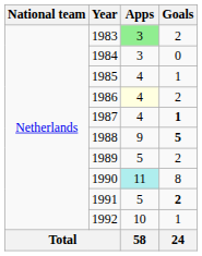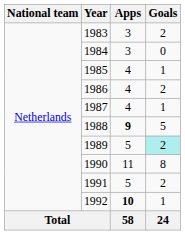 <table class="wikitable" style="text-align:center">
 <tr>
 <th>National team</th>
 <th>Year</th>
 <th width="40">Apps</th>
 <th width="40">Goals</th>
 </tr>
 <tr>
 <td rowspan="10"><a href='#'>Netherlands</a></td>
 <td>1983</td>
-<td style="background: lightgreen;">3</td>
+<td>3</td>
 <td>2</td>
 </tr>
 <tr>
 <td>1984</td>
 <td>3</td>
 <td>0</td>
 </tr>
 <tr>
 <td>1985</td>
 <td>4</td>
 <td>1</td>
 </tr>
 <tr>
 <td>1986</td>
-<td style="background: lightyellow;">4</td>
+<td>4</td>
 <td>2</td>
 </tr>
 <tr>
 <td>1987</td>
 <td>4</td>
-<td><strong>1</strong></td>
+<td>1</td>
 </tr>
 <tr>
 <td>1988</td>
-<td>9</td>
-<td><strong>5</strong></td>
+<td><strong>9</strong></td>
+<td>5</td>
 </tr>
 <tr>
 <td>1989</td>
 <td>5</td>
-<td>2</td>
+<td style="background: paleturquoise;">2</td>
 </tr>
 <tr>
 <td>1990</td>
-<td style="background: paleturquoise;">11</td>
+<td>11</td>
 <td>8</td>
 </tr>
 <tr>
 <td>1991</td>
 <td>5</td>
-<td><strong>2</strong></td>
+<td>2</td>
 </tr>
 <tr>
 <td>1992</td>
-<td>10</td>
+<td><strong>10</strong></td>
 <td>1</td>
 </tr>
 <tr>
 <th colspan="2">Total</th>
 <th>58</th>
 <th>24</th>
 </tr>
 </table>
